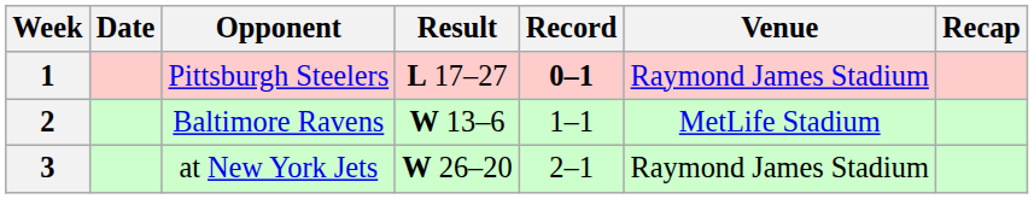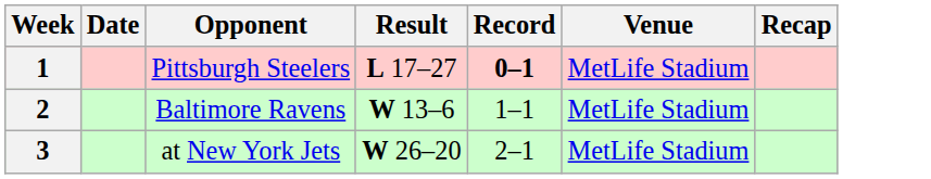 <table class="wikitable" style="text-align:center">
 <tr>
 <th>Week</th>
 <th>Date</th>
 <th>Opponent</th>
 <th>Result</th>
 <th>Record</th>
 <th>Venue</th>
 <th>Recap</th>
 </tr>
 <tr style="background:#fcc">
 <th>1</th>
 <td></td>
 <td><a href='#'>Pittsburgh Steelers</a></td>
 <td><strong>L</strong> 17–27</td>
 <td><strong>0–1</strong></td>
-<td><a href='#'>Raymond James Stadium</a></td>
+<td><a href='#'>MetLife Stadium</a></td>
 <td></td>
 </tr>
 <tr style="background:#cfc">
 <th>2</th>
 <td></td>
 <td><a href='#'>Baltimore Ravens</a></td>
 <td><strong>W</strong> 13–6</td>
 <td>1–1</td>
 <td><a href='#'>MetLife Stadium</a></td>
 <td></td>
 </tr>
 <tr style="background:#cfc">
 <th>3</th>
 <td></td>
 <td>at <a href='#'>New York Jets</a></td>
 <td><strong>W</strong> 26–20</td>
 <td>2–1</td>
-<td>Raymond James Stadium</td>
+<td><a href='#'>MetLife Stadium</a></td>
 <td></td>
 </tr>
 </table>
